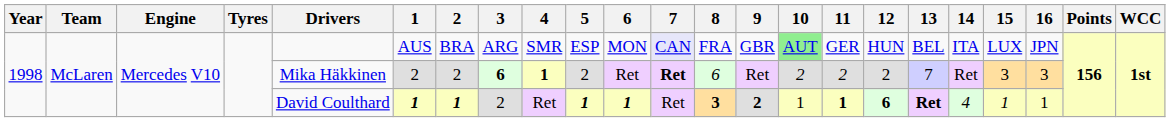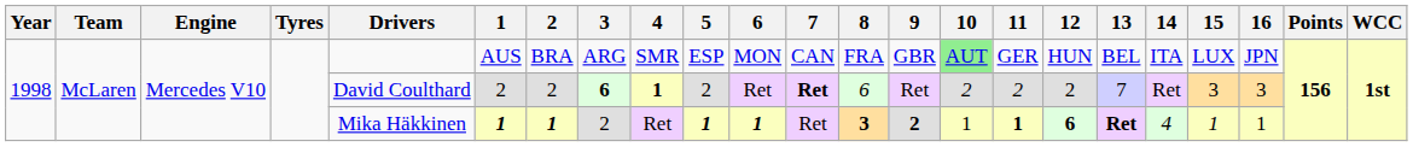 <table class="wikitable" style="text-align:center; font-size:95%">
 <tr>
 <th>Year</th>
 <th>Team</th>
 <th>Engine</th>
 <th>Tyres</th>
 <th>Drivers</th>
 <th>1</th>
 <th>2</th>
 <th>3</th>
 <th>4</th>
 <th>5</th>
 <th>6</th>
 <th>7</th>
 <th>8</th>
 <th>9</th>
 <th>10</th>
 <th>11</th>
 <th>12</th>
 <th>13</th>
 <th>14</th>
 <th>15</th>
 <th>16</th>
 <th>Points</th>
 <th>WCC</th>
 </tr>
 <tr>
 <td rowspan="3"><a href='#'>1998</a></td>
 <td rowspan="3"><a href='#'>McLaren</a></td>
 <td rowspan="3"><a href='#'>Mercedes</a> <a href='#'>V10</a></td>
 <td rowspan="3"></td>
 <td></td>
 <td><a href='#'>AUS</a></td>
 <td><a href='#'>BRA</a></td>
 <td><a href='#'>ARG</a></td>
 <td><a href='#'>SMR</a></td>
 <td><a href='#'>ESP</a></td>
 <td><a href='#'>MON</a></td>
-<td style="background: lavender;"><a href='#'>CAN</a></td>
+<td><a href='#'>CAN</a></td>
 <td><a href='#'>FRA</a></td>
 <td><a href='#'>GBR</a></td>
 <td style="background: lightgreen;"><a href='#'>AUT</a></td>
 <td><a href='#'>GER</a></td>
 <td><a href='#'>HUN</a></td>
 <td><a href='#'>BEL</a></td>
 <td><a href='#'>ITA</a></td>
 <td><a href='#'>LUX</a></td>
 <td><a href='#'>JPN</a></td>
 <td rowspan="3" style="background:#FBFFBF;"><strong>156</strong></td>
 <td rowspan="3" style="background:#FBFFBF;"><strong>1st</strong></td>
 </tr>
 <tr>
-<td><a href='#'>Mika Häkkinen</a></td>
+<td><a href='#'>David Coulthard</a></td>
 <td style="background:#DFDFDF;">2</td>
 <td style="background:#DFDFDF;">2</td>
 <td style="background:#DFFFDF;"><strong>6</strong></td>
 <td style="background:#FBFFBF;"><strong>1</strong></td>
 <td style="background:#DFDFDF;">2</td>
 <td style="background:#EFCFFF;">Ret</td>
 <td style="background:#EFCFFF;"><strong>Ret</strong></td>
 <td style="background:#DFFFDF;"><em>6</em></td>
 <td style="background:#EFCFFF;">Ret</td>
 <td style="background:#DFDFDF;"><em>2</em></td>
 <td style="background:#DFDFDF;"><em>2</em></td>
 <td style="background:#DFDFDF;">2</td>
 <td style="background:#CFCFFF;">7</td>
 <td style="background:#EFCFFF;">Ret</td>
 <td style="background:#FFDF9F;">3</td>
 <td style="background:#FFDF9F;">3</td>
 </tr>
 <tr>
-<td><a href='#'>David Coulthard</a></td>
+<td><a href='#'>Mika Häkkinen</a></td>
 <td style="background:#FBFFBF;"><strong><em>1</em></strong></td>
 <td style="background:#FBFFBF;"><strong><em>1</em></strong></td>
 <td style="background:#DFDFDF;">2</td>
 <td style="background:#EFCFFF;">Ret</td>
 <td style="background:#FBFFBF;"><strong><em>1</em></strong></td>
 <td style="background:#FBFFBF;"><strong><em>1</em></strong></td>
 <td style="background:#EFCFFF;">Ret</td>
 <td style="background:#FFDF9F;"><strong>3</strong></td>
 <td style="background:#DFDFDF;"><strong>2</strong></td>
 <td style="background:#FBFFBF;">1</td>
 <td style="background:#FBFFBF;"><strong>1</strong></td>
 <td style="background:#DFFFDF;"><strong>6</strong></td>
 <td style="background:#EFCFFF;"><strong>Ret</strong></td>
 <td style="background:#DFFFDF;"><em>4</em></td>
 <td style="background:#FBFFBF;"><em>1</em></td>
 <td style="background:#FBFFBF;">1</td>
 </tr>
 </table>
